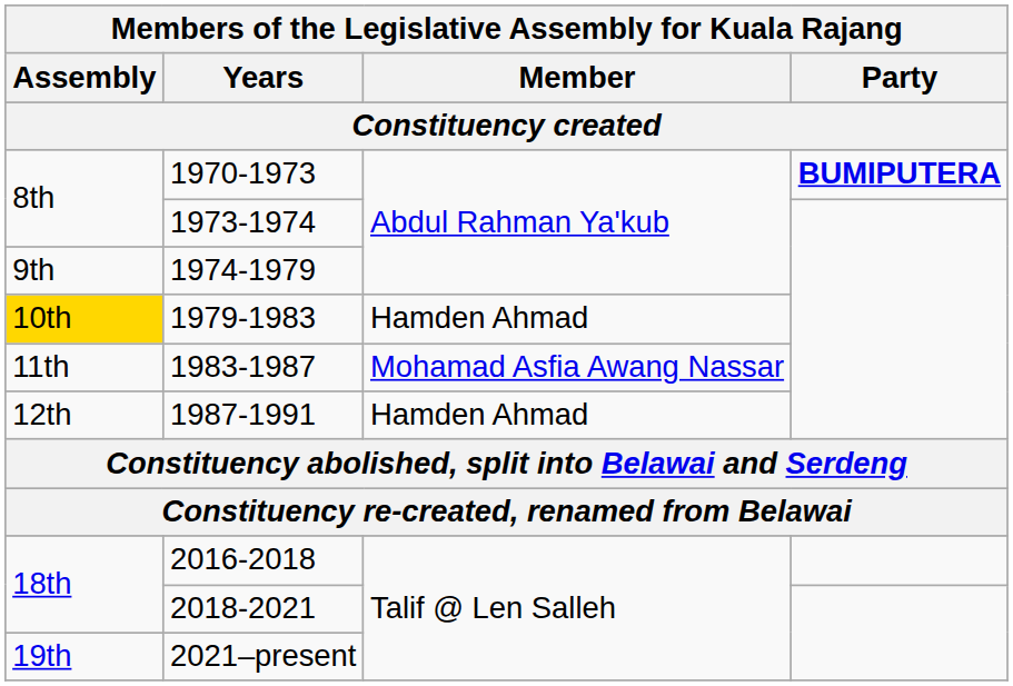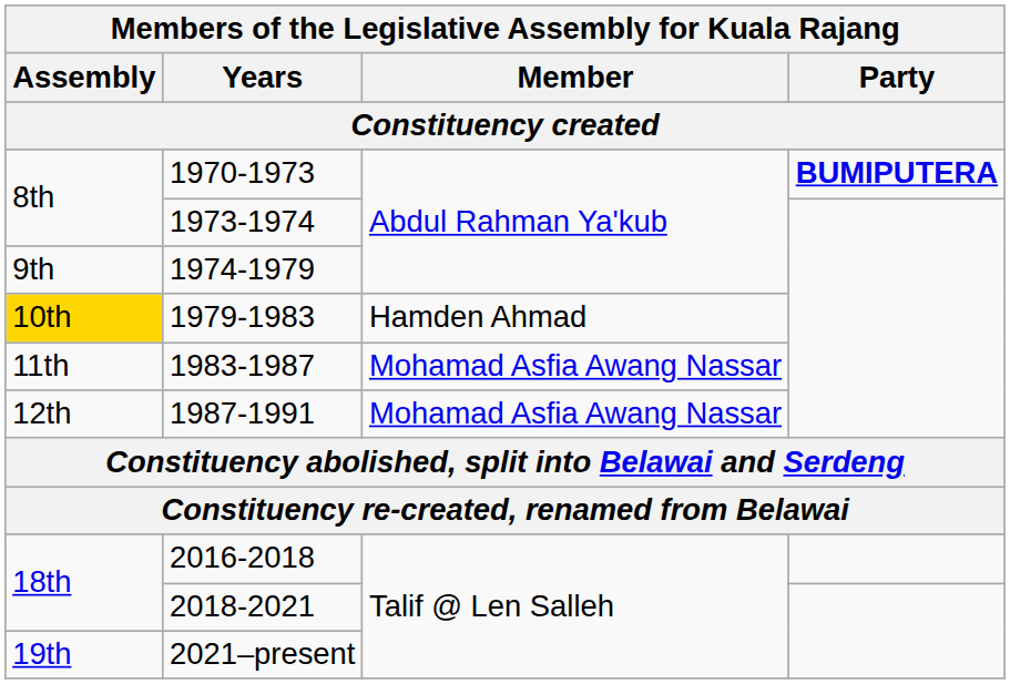 <table class=wikitable>
 <tr>
 <th colspan="4">Members of the Legislative Assembly for Kuala Rajang</th>
 </tr>
 <tr>
 <th>Assembly</th>
 <th>Years</th>
 <th>Member</th>
 <th>Party</th>
 </tr>
 <tr>
 <th colspan=4 align=center><em>Constituency created</em></th>
 </tr>
 <tr>
 <td rowspan=2>8th</td>
 <td>1970-1973</td>
 <td rowspan=3><a href='#'>Abdul Rahman Ya'kub</a></td>
 <td bgcolor=><strong><a href='#'>BUMIPUTERA</a></strong></td>
 </tr>
 <tr>
 <td>1973-1974</td>
 <td rowspan=5 bgcolor=></td>
 </tr>
 <tr>
 <td>9th</td>
 <td>1974-1979</td>
 </tr>
 <tr>
 <td style="background: gold;">10th</td>
 <td>1979-1983</td>
 <td>Hamden Ahmad</td>
 </tr>
 <tr>
 <td>11th</td>
 <td>1983-1987</td>
 <td><a href='#'>Mohamad Asfia Awang Nassar</a></td>
 </tr>
 <tr>
 <td>12th</td>
 <td>1987-1991</td>
-<td>Hamden Ahmad</td>
+<td><a href='#'>Mohamad Asfia Awang Nassar</a></td>
 </tr>
 <tr>
 <th colspan=4 align=center><em>Constituency abolished, split into <a href='#'>Belawai</a> and <a href='#'>Serdeng</a></em></th>
 </tr>
 <tr>
 <th colspan=4 align=center><em>Constituency re-created, renamed from Belawai</em></th>
 </tr>
 <tr>
 <td rowspan="2"><a href='#'>18th</a></td>
 <td>2016-2018</td>
 <td rowspan="3">Talif @ Len Salleh</td>
 <td></td>
 </tr>
 <tr>
 <td>2018-2021</td>
 <td rowspan="2" bgcolor=></td>
 </tr>
 <tr>
 <td><a href='#'>19th</a></td>
 <td>2021–present</td>
 </tr>
 </table>
